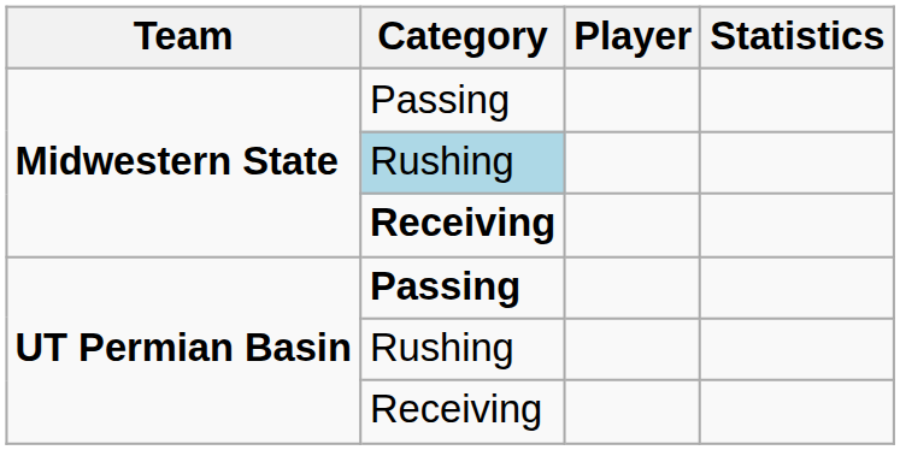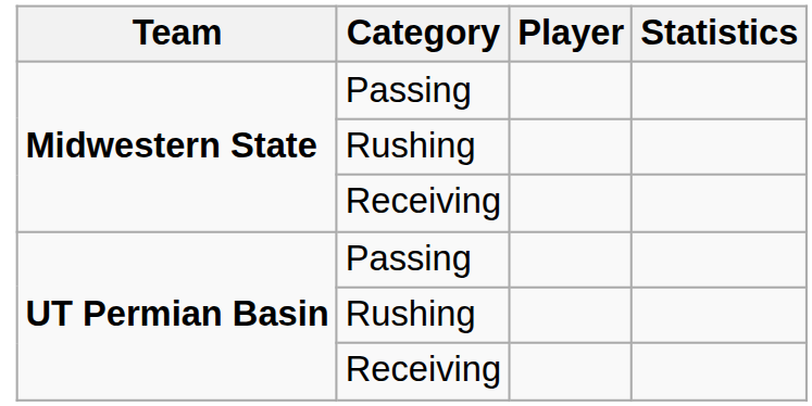 <table class="wikitable" style="float: right;">
 <tr>
 <th>Team</th>
 <th>Category</th>
 <th>Player</th>
 <th>Statistics</th>
 </tr>
 <tr>
 <td rowspan=3><strong>Midwestern State</strong></td>
 <td>Passing</td>
 <td></td>
 <td></td>
 </tr>
 <tr>
-<td style="background: lightblue;">Rushing</td>
+<td>Rushing</td>
 <td></td>
 <td></td>
 </tr>
 <tr>
-<td><strong>Receiving</strong></td>
+<td>Receiving</td>
 <td></td>
 <td></td>
 </tr>
 <tr>
 <td rowspan=3><strong>UT Permian Basin</strong></td>
-<td><strong>Passing</strong></td>
+<td>Passing</td>
 <td></td>
 <td></td>
 </tr>
 <tr>
 <td>Rushing</td>
 <td></td>
 <td></td>
 </tr>
 <tr>
 <td>Receiving</td>
 <td></td>
 <td></td>
 </tr>
 </table>
